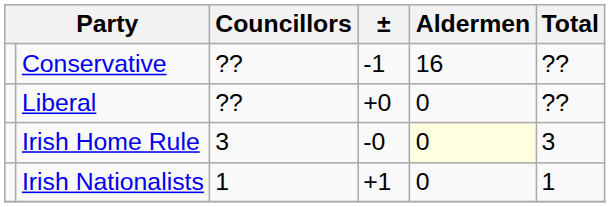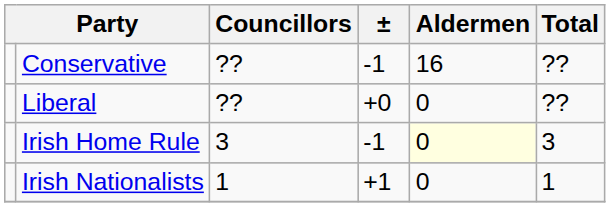 <table class="wikitable">
 <tr>
 <th colspan="2">Party</th>
 <th>Councillors</th>
 <th>  ±  </th>
 <th>Aldermen</th>
 <th>Total</th>
 </tr>
 <tr>
 <td style="background-color: "></td>
 <td><a href='#'>Conservative</a></td>
 <td>??</td>
 <td>-1</td>
 <td>16</td>
 <td>??</td>
 </tr>
 <tr>
 <td style="background-color: "></td>
 <td><a href='#'>Liberal</a></td>
 <td>??</td>
 <td>+0</td>
 <td>0</td>
 <td>??</td>
 </tr>
 <tr>
 <td style="background-color: "></td>
 <td><a href='#'>Irish Home Rule</a></td>
 <td>3</td>
-<td>-0</td>
+<td>-1</td>
 <td style="background: lightyellow;">0</td>
 <td>3</td>
 </tr>
 <tr>
 <td style="background-color: "></td>
 <td><a href='#'>Irish Nationalists</a></td>
 <td>1</td>
 <td>+1</td>
 <td>0</td>
 <td>1</td>
 </tr>
 <tr>
 </tr>
 </table>
